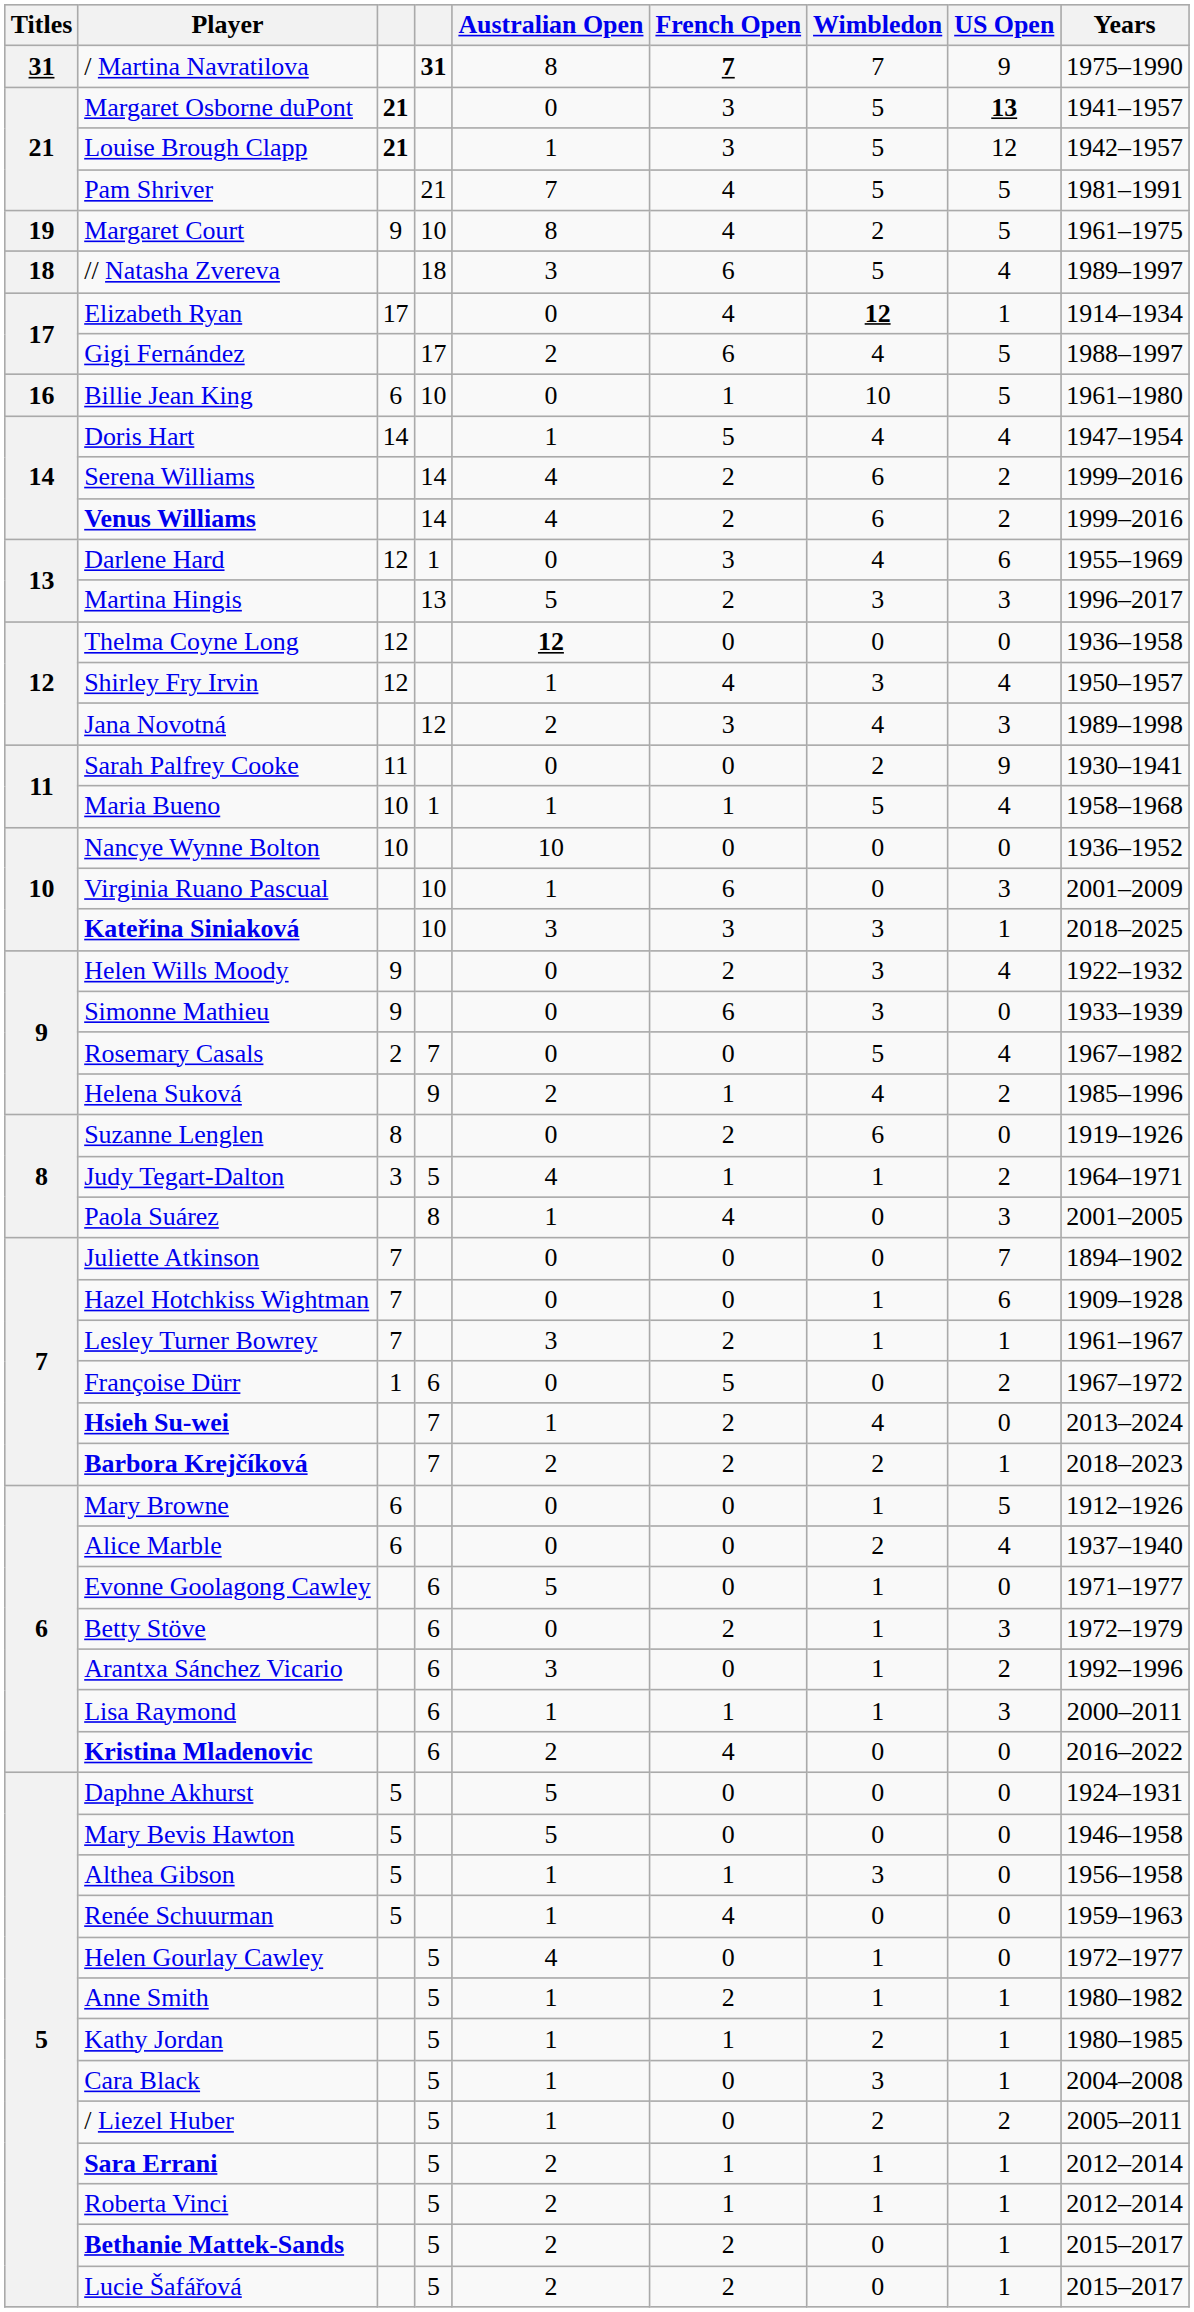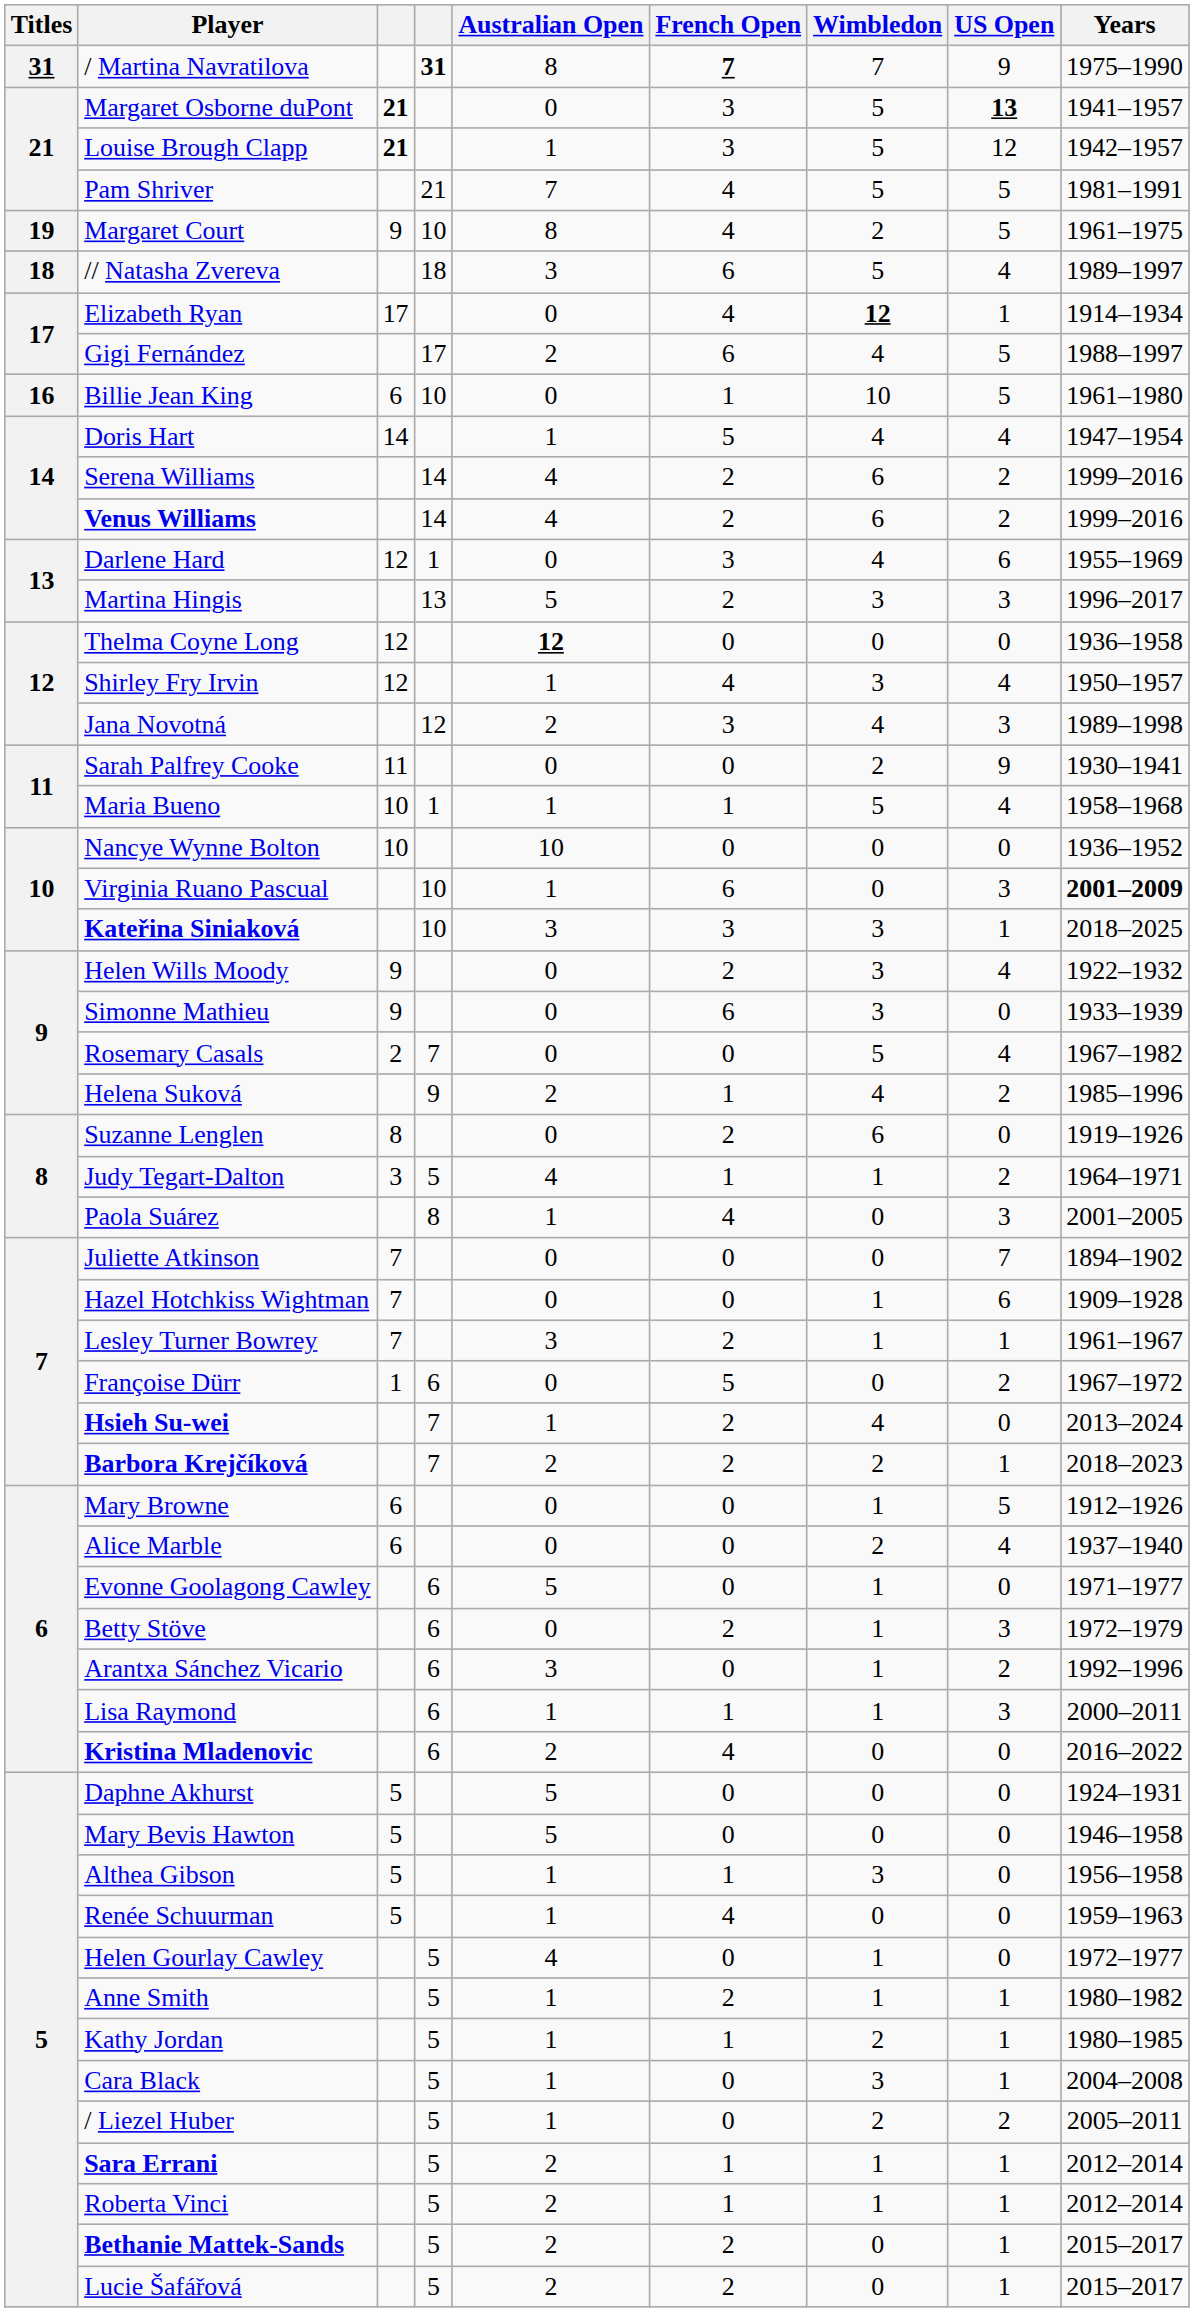 <table class="wikitable sortable mw-datatable sticky-table-row1 sort-under-center" style="text-align: center;">
 <tr>
 <th>Titles</th>
 <th>Player</th>
 <th></th>
 <th></th>
 <th><a href='#'>Australian Open</a></th>
 <th><a href='#'>French Open</a></th>
 <th><a href='#'>Wimbledon</a></th>
 <th><a href='#'>US Open</a></th>
 <th>Years</th>
 </tr>
 <tr>
 <th><u>31</u></th>
 <td align=left>/ <a href='#'>Martina Navratilova</a></td>
 <td></td>
 <td><strong>31</strong></td>
 <td>8</td>
 <td><strong><u>7</u></strong></td>
 <td>7</td>
 <td>9</td>
 <td>1975–1990</td>
 </tr>
 <tr>
 <th rowspan="3">21</th>
 <td align=left> <a href='#'>Margaret Osborne duPont</a></td>
 <td><strong>21</strong></td>
 <td></td>
 <td>0</td>
 <td>3</td>
 <td>5</td>
 <td><strong><u>13</u></strong></td>
 <td>1941–1957</td>
 </tr>
 <tr>
 <td align=left> <a href='#'>Louise Brough Clapp</a></td>
 <td><strong>21</strong></td>
 <td></td>
 <td>1</td>
 <td>3</td>
 <td>5</td>
 <td>12</td>
 <td>1942–1957</td>
 </tr>
 <tr>
 <td align=left> <a href='#'>Pam Shriver</a></td>
 <td></td>
 <td>21</td>
 <td>7</td>
 <td>4</td>
 <td>5</td>
 <td>5</td>
 <td>1981–1991</td>
 </tr>
 <tr>
 <th>19</th>
 <td align=left> <a href='#'>Margaret Court</a></td>
 <td>9</td>
 <td>10</td>
 <td>8</td>
 <td>4</td>
 <td>2</td>
 <td>5</td>
 <td>1961–1975</td>
 </tr>
 <tr>
 <th>18</th>
 <td align=left>// <a href='#'>Natasha Zvereva</a></td>
 <td></td>
 <td>18</td>
 <td>3</td>
 <td>6</td>
 <td>5</td>
 <td>4</td>
 <td>1989–1997</td>
 </tr>
 <tr>
 <th rowspan="2">17</th>
 <td align=left> <a href='#'>Elizabeth Ryan</a></td>
 <td>17</td>
 <td></td>
 <td>0</td>
 <td>4</td>
 <td><strong><u>12</u></strong></td>
 <td>1</td>
 <td>1914–1934</td>
 </tr>
 <tr>
 <td align=left> <a href='#'>Gigi Fernández</a></td>
 <td></td>
 <td>17</td>
 <td>2</td>
 <td>6</td>
 <td>4</td>
 <td>5</td>
 <td>1988–1997</td>
 </tr>
 <tr>
 <th>16</th>
 <td align=left> <a href='#'>Billie Jean King</a></td>
 <td>6</td>
 <td>10</td>
 <td>0</td>
 <td>1</td>
 <td>10</td>
 <td>5</td>
 <td>1961–1980</td>
 </tr>
 <tr>
 <th rowspan="3">14</th>
 <td align=left> <a href='#'>Doris Hart</a></td>
 <td>14</td>
 <td></td>
 <td>1</td>
 <td>5</td>
 <td>4</td>
 <td>4</td>
 <td>1947–1954</td>
 </tr>
 <tr>
 <td align=left> <a href='#'>Serena Williams</a></td>
 <td></td>
 <td>14</td>
 <td>4</td>
 <td>2</td>
 <td>6</td>
 <td>2</td>
 <td>1999–2016</td>
 </tr>
 <tr>
 <td align=left> <strong><a href='#'>Venus Williams</a></strong></td>
 <td></td>
 <td>14</td>
 <td>4</td>
 <td>2</td>
 <td>6</td>
 <td>2</td>
 <td>1999–2016</td>
 </tr>
 <tr>
 <th rowspan="2">13</th>
 <td align=left> <a href='#'>Darlene Hard</a></td>
 <td>12</td>
 <td>1</td>
 <td>0</td>
 <td>3</td>
 <td>4</td>
 <td>6</td>
 <td>1955–1969</td>
 </tr>
 <tr>
 <td align=left> <a href='#'>Martina Hingis</a></td>
 <td></td>
 <td>13</td>
 <td>5</td>
 <td>2</td>
 <td>3</td>
 <td>3</td>
 <td>1996–2017</td>
 </tr>
 <tr>
 <th rowspan="3">12</th>
 <td align=left> <a href='#'>Thelma Coyne Long</a></td>
 <td>12</td>
 <td></td>
 <td><strong><u>12</u></strong></td>
 <td>0</td>
 <td>0</td>
 <td>0</td>
 <td>1936–1958</td>
 </tr>
 <tr>
 <td align=left> <a href='#'>Shirley Fry Irvin</a></td>
 <td>12</td>
 <td></td>
 <td>1</td>
 <td>4</td>
 <td>3</td>
 <td>4</td>
 <td>1950–1957</td>
 </tr>
 <tr>
 <td align=left> <a href='#'>Jana Novotná</a></td>
 <td></td>
 <td>12</td>
 <td>2</td>
 <td>3</td>
 <td>4</td>
 <td>3</td>
 <td>1989–1998</td>
 </tr>
 <tr>
 <th rowspan="2">11</th>
 <td align=left> <a href='#'>Sarah Palfrey Cooke</a></td>
 <td>11</td>
 <td></td>
 <td>0</td>
 <td>0</td>
 <td>2</td>
 <td>9</td>
 <td>1930–1941</td>
 </tr>
 <tr>
 <td align=left> <a href='#'>Maria Bueno</a></td>
 <td>10</td>
 <td>1</td>
 <td>1</td>
 <td>1</td>
 <td>5</td>
 <td>4</td>
 <td>1958–1968</td>
 </tr>
 <tr>
 <th rowspan="3">10</th>
 <td align=left> <a href='#'>Nancye Wynne Bolton</a></td>
 <td>10</td>
 <td></td>
 <td>10</td>
 <td>0</td>
 <td>0</td>
 <td>0</td>
 <td>1936–1952</td>
 </tr>
 <tr>
 <td align=left> <a href='#'>Virginia Ruano Pascual</a></td>
 <td></td>
 <td>10</td>
 <td>1</td>
 <td>6</td>
 <td>0</td>
 <td>3</td>
-<td>2001–2009</td>
+<td><strong>2001–2009</strong></td>
 </tr>
 <tr>
 <td align=left> <strong><a href='#'>Kateřina Siniaková</a></strong></td>
 <td></td>
 <td>10</td>
 <td>3</td>
 <td>3</td>
 <td>3</td>
 <td>1</td>
 <td>2018–2025</td>
 </tr>
 <tr>
 <th rowspan="4">9</th>
 <td align=left> <a href='#'>Helen Wills Moody</a></td>
 <td>9</td>
 <td></td>
 <td>0</td>
 <td>2</td>
 <td>3</td>
 <td>4</td>
 <td>1922–1932</td>
 </tr>
 <tr>
 <td align=left> <a href='#'>Simonne Mathieu</a></td>
 <td>9</td>
 <td></td>
 <td>0</td>
 <td>6</td>
 <td>3</td>
 <td>0</td>
 <td>1933–1939</td>
 </tr>
 <tr>
 <td align=left> <a href='#'>Rosemary Casals</a></td>
 <td>2</td>
 <td>7</td>
 <td>0</td>
 <td>0</td>
 <td>5</td>
 <td>4</td>
 <td>1967–1982</td>
 </tr>
 <tr>
 <td align=left> <a href='#'>Helena Suková</a></td>
 <td></td>
 <td>9</td>
 <td>2</td>
 <td>1</td>
 <td>4</td>
 <td>2</td>
 <td>1985–1996</td>
 </tr>
 <tr>
 <th rowspan="3">8</th>
 <td align=left> <a href='#'>Suzanne Lenglen</a></td>
 <td>8</td>
 <td></td>
 <td>0</td>
 <td>2</td>
 <td>6</td>
 <td>0</td>
 <td>1919–1926</td>
 </tr>
 <tr>
 <td align=left> <a href='#'>Judy Tegart-Dalton</a></td>
 <td>3</td>
 <td>5</td>
 <td>4</td>
 <td>1</td>
 <td>1</td>
 <td>2</td>
 <td>1964–1971</td>
 </tr>
 <tr>
 <td align=left> <a href='#'>Paola Suárez</a></td>
 <td></td>
 <td>8</td>
 <td>1</td>
 <td>4</td>
 <td>0</td>
 <td>3</td>
 <td>2001–2005</td>
 </tr>
 <tr>
 <th rowspan="6">7</th>
 <td align=left> <a href='#'>Juliette Atkinson</a></td>
 <td>7</td>
 <td></td>
 <td>0</td>
 <td>0</td>
 <td>0</td>
 <td>7</td>
 <td>1894–1902</td>
 </tr>
 <tr>
 <td align=left> <a href='#'>Hazel Hotchkiss Wightman</a></td>
 <td>7</td>
 <td></td>
 <td>0</td>
 <td>0</td>
 <td>1</td>
 <td>6</td>
 <td>1909–1928</td>
 </tr>
 <tr>
 <td align=left> <a href='#'>Lesley Turner Bowrey</a></td>
 <td>7</td>
 <td></td>
 <td>3</td>
 <td>2</td>
 <td>1</td>
 <td>1</td>
 <td>1961–1967</td>
 </tr>
 <tr>
 <td align=left> <a href='#'>Françoise Dürr</a></td>
 <td>1</td>
 <td>6</td>
 <td>0</td>
 <td>5</td>
 <td>0</td>
 <td>2</td>
 <td>1967–1972</td>
 </tr>
 <tr>
 <td align=left> <strong><a href='#'>Hsieh Su-wei</a></strong></td>
 <td></td>
 <td>7</td>
 <td>1</td>
 <td>2</td>
 <td>4</td>
 <td>0</td>
 <td>2013–2024</td>
 </tr>
 <tr>
 <td align=left> <strong><a href='#'>Barbora Krejčíková</a></strong></td>
 <td></td>
 <td>7</td>
 <td>2</td>
 <td>2</td>
 <td>2</td>
 <td>1</td>
 <td>2018–2023</td>
 </tr>
 <tr>
 <th rowspan="7">6</th>
 <td align=left> <a href='#'>Mary Browne</a></td>
 <td>6</td>
 <td></td>
 <td>0</td>
 <td>0</td>
 <td>1</td>
 <td>5</td>
 <td>1912–1926</td>
 </tr>
 <tr>
 <td align=left> <a href='#'>Alice Marble</a></td>
 <td>6</td>
 <td></td>
 <td>0</td>
 <td>0</td>
 <td>2</td>
 <td>4</td>
 <td>1937–1940</td>
 </tr>
 <tr>
 <td align=left> <a href='#'>Evonne Goolagong Cawley</a></td>
 <td></td>
 <td>6</td>
 <td>5</td>
 <td>0</td>
 <td>1</td>
 <td>0</td>
 <td>1971–1977</td>
 </tr>
 <tr>
 <td align=left> <a href='#'>Betty Stöve</a></td>
 <td></td>
 <td>6</td>
 <td>0</td>
 <td>2</td>
 <td>1</td>
 <td>3</td>
 <td>1972–1979</td>
 </tr>
 <tr>
 <td align=left> <a href='#'>Arantxa Sánchez Vicario</a></td>
 <td></td>
 <td>6</td>
 <td>3</td>
 <td>0</td>
 <td>1</td>
 <td>2</td>
 <td>1992–1996</td>
 </tr>
 <tr>
 <td align=left> <a href='#'>Lisa Raymond</a></td>
 <td></td>
 <td>6</td>
 <td>1</td>
 <td>1</td>
 <td>1</td>
 <td>3</td>
 <td>2000–2011</td>
 </tr>
 <tr>
 <td align=left> <strong><a href='#'>Kristina Mladenovic</a></strong></td>
 <td></td>
 <td>6</td>
 <td>2</td>
 <td>4</td>
 <td>0</td>
 <td>0</td>
 <td>2016–2022</td>
 </tr>
 <tr>
 <th rowspan="13">5</th>
 <td align="left"> <a href='#'>Daphne Akhurst</a></td>
 <td>5</td>
 <td></td>
 <td>5</td>
 <td>0</td>
 <td>0</td>
 <td>0</td>
 <td>1924–1931</td>
 </tr>
 <tr>
 <td align=left> <a href='#'>Mary Bevis Hawton</a></td>
 <td>5</td>
 <td></td>
 <td>5</td>
 <td>0</td>
 <td>0</td>
 <td>0</td>
 <td>1946–1958</td>
 </tr>
 <tr>
 <td align=left> <a href='#'>Althea Gibson</a></td>
 <td>5</td>
 <td></td>
 <td>1</td>
 <td>1</td>
 <td>3</td>
 <td>0</td>
 <td>1956–1958</td>
 </tr>
 <tr>
 <td align=left> <a href='#'>Renée Schuurman</a></td>
 <td>5</td>
 <td></td>
 <td>1</td>
 <td>4</td>
 <td>0</td>
 <td>0</td>
 <td>1959–1963</td>
 </tr>
 <tr>
 <td align=left> <a href='#'>Helen Gourlay Cawley</a></td>
 <td></td>
 <td>5</td>
 <td>4</td>
 <td>0</td>
 <td>1</td>
 <td>0</td>
 <td>1972–1977</td>
 </tr>
 <tr>
 <td align=left> <a href='#'>Anne Smith</a></td>
 <td></td>
 <td>5</td>
 <td>1</td>
 <td>2</td>
 <td>1</td>
 <td>1</td>
 <td>1980–1982</td>
 </tr>
 <tr>
 <td align=left> <a href='#'>Kathy Jordan</a></td>
 <td></td>
 <td>5</td>
 <td>1</td>
 <td>1</td>
 <td>2</td>
 <td>1</td>
 <td>1980–1985</td>
 </tr>
 <tr>
 <td align=left> <a href='#'>Cara Black</a></td>
 <td></td>
 <td>5</td>
 <td>1</td>
 <td>0</td>
 <td>3</td>
 <td>1</td>
 <td>2004–2008</td>
 </tr>
 <tr>
 <td align=left>/ <a href='#'>Liezel Huber</a></td>
 <td></td>
 <td>5</td>
 <td>1</td>
 <td>0</td>
 <td>2</td>
 <td>2</td>
 <td>2005–2011</td>
 </tr>
 <tr>
 <td align=left> <strong><a href='#'>Sara Errani</a></strong></td>
 <td></td>
 <td>5</td>
 <td>2</td>
 <td>1</td>
 <td>1</td>
 <td>1</td>
 <td>2012–2014</td>
 </tr>
 <tr>
 <td align=left> <a href='#'>Roberta Vinci</a></td>
 <td></td>
 <td>5</td>
 <td>2</td>
 <td>1</td>
 <td>1</td>
 <td>1</td>
 <td>2012–2014</td>
 </tr>
 <tr>
 <td align=left> <strong><a href='#'>Bethanie Mattek-Sands</a></strong></td>
 <td></td>
 <td>5</td>
 <td>2</td>
 <td>2</td>
 <td>0</td>
 <td>1</td>
 <td>2015–2017</td>
 </tr>
 <tr>
 <td align=left> <a href='#'>Lucie Šafářová</a></td>
 <td></td>
 <td>5</td>
 <td>2</td>
 <td>2</td>
 <td>0</td>
 <td>1</td>
 <td>2015–2017</td>
 </tr>
 </table>
